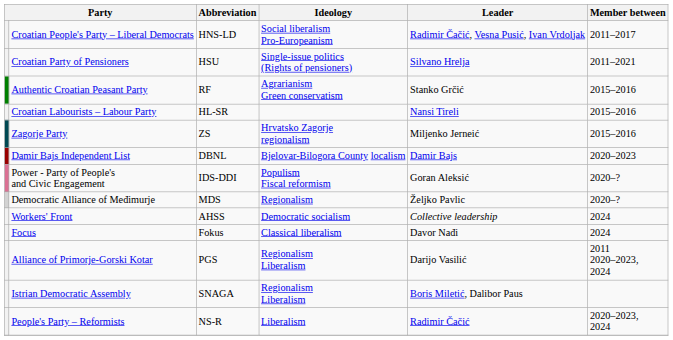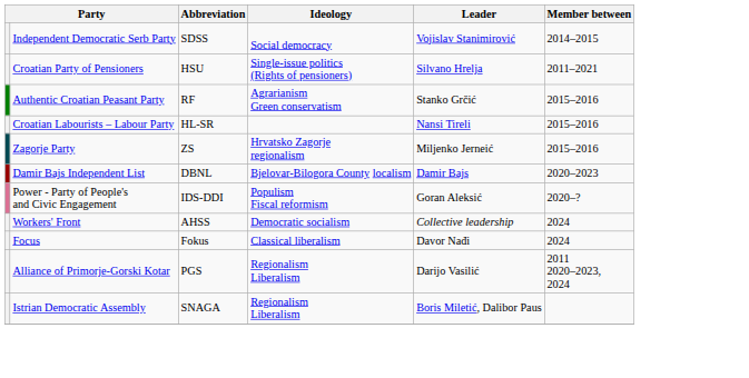 <table class="wikitable" style="text-align:left;">
 <tr>
 <th colspan=2>Party</th>
 <th>Abbreviation</th>
 <th>Ideology</th>
 <th>Leader</th>
 <th>Member between</th>
 </tr>
 <tr>
 <th style="background-color:"></th>
-<td><a href='#'>Croatian People's Party – Liberal Democrats</a></td>
-<td>HNS-LD</td>
-<td><a href='#'>Social liberalism</a><br><a href='#'>Pro-Europeanism</a></td>
-<td><a href='#'>Radimir Čačić</a>, <a href='#'>Vesna Pusić</a>, <a href='#'>Ivan Vrdoljak</a></td>
-<td>2011–2017</td>
+<td><a href='#'>Independent Democratic Serb Party</a></td>
+<td>SDSS</td>
+<td><br><a href='#'>Social democracy</a></td>
+<td><a href='#'>Vojislav Stanimirović</a></td>
+<td>2014–2015</td>
 </tr>
 <tr>
 <th style="background-color:"></th>
 <td><a href='#'>Croatian Party of Pensioners</a></td>
 <td>HSU</td>
 <td><a href='#'>Single-issue politics<br>(Rights of pensioners)</a></td>
 <td><a href='#'>Silvano Hrelja</a></td>
 <td>2011–2021</td>
 </tr>
 <tr>
 <th style="background-color:green;"></th>
 <td><a href='#'>Authentic Croatian Peasant Party</a></td>
 <td>RF</td>
 <td><a href='#'>Agrarianism</a><br><a href='#'>Green conservatism</a></td>
 <td>Stanko Grčić</td>
 <td>2015–2016</td>
 </tr>
 <tr>
 <th style="background-color:"></th>
 <td><a href='#'>Croatian Labourists – Labour Party</a></td>
 <td>HL-SR</td>
 <td></td>
 <td><a href='#'>Nansi Tireli</a></td>
 <td>2015–2016</td>
 </tr>
 <tr>
 <th style="background-color:#004953;"></th>
 <td><a href='#'>Zagorje Party</a></td>
 <td>ZS</td>
 <td><a href='#'>Hrvatsko Zagorje</a><br><a href='#'>regionalism</a></td>
 <td>Miljenko Jerneić</td>
 <td>2015–2016</td>
 </tr>
 <tr>
 <th style="background-color: #990000"></th>
 <td><a href='#'>Damir Bajs Independent List</a></td>
 <td>DBNL</td>
 <td><a href='#'>Bjelovar-Bilogora County</a> <a href='#'>localism</a></td>
 <td><a href='#'>Damir Bajs</a></td>
 <td>2020–2023</td>
 </tr>
 <tr>
 <th style="background-color: #DB7093"></th>
 <td>Power - Party of People's <br>and Civic Engagement</td>
 <td>IDS-DDI</td>
 <td><a href='#'>Populism</a><br><a href='#'>Fiscal reformism</a></td>
 <td>Goran Aleksić</td>
 <td>2020–?</td>
 </tr>
 <tr>
-<th style="background-color:lightgrey"></th>
-<td>Democratic Alliance of Međimurje</td>
-<td>MDS</td>
-<td><a href='#'>Regionalism</a></td>
-<td>Željko Pavlic</td>
-<td>2020–?</td>
-</tr>
-<tr>
 <th style="background-color:"></th>
 <td><a href='#'>Workers' Front</a><br></td>
 <td>AHSS</td>
 <td><a href='#'>Democratic socialism</a></td>
 <td><em>Collective leadership</em></td>
 <td>2024</td>
 </tr>
 <tr>
 <th style="background-color:"></th>
 <td><a href='#'>Focus</a><br></td>
 <td>Fokus</td>
 <td><a href='#'>Classical liberalism</a></td>
 <td>Davor Nađi</td>
 <td>2024</td>
 </tr>
 <tr>
 <th style="background-color:"></th>
 <td><a href='#'>Alliance of Primorje-Gorski Kotar</a></td>
 <td>PGS</td>
 <td><a href='#'>Regionalism</a><br><a href='#'>Liberalism</a></td>
 <td>Darijo Vasilić</td>
 <td>2011<br>2020–2023,<br>2024</td>
 </tr>
 <tr>
 <th style="background-color:"></th>
 <td><a href='#'>Istrian Democratic Assembly</a></td>
 <td>SNAGA</td>
 <td><a href='#'>Regionalism</a><br><a href='#'>Liberalism</a></td>
 <td><a href='#'>Boris Miletić</a>, Dalibor Paus</td>
 <td></td>
 </tr>
 <tr>
-<th style="background-color:"></th>
-<td><a href='#'>People's Party – Reformists</a><br></td>
-<td>NS-R</td>
-<td><a href='#'>Liberalism</a></td>
-<td><a href='#'>Radimir Čačić</a></td>
-<td>2020–2023,<br>2024</td>
-</tr>
-<tr>
 </tr>
 </table>
